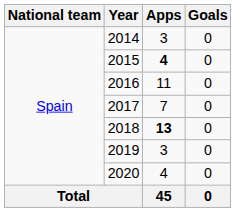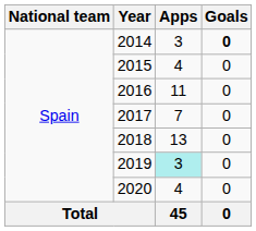 <table class="wikitable" style="text-align: center;">
 <tr>
 <th>National team</th>
 <th>Year</th>
 <th>Apps</th>
 <th>Goals</th>
 </tr>
 <tr>
 <td rowspan="7"><a href='#'>Spain</a></td>
 <td>2014</td>
 <td>3</td>
-<td>0</td>
+<td><strong>0</strong></td>
 </tr>
 <tr>
 <td>2015</td>
-<td><strong>4</strong></td>
+<td>4</td>
 <td>0</td>
 </tr>
 <tr>
 <td>2016</td>
 <td>11</td>
 <td>0</td>
 </tr>
 <tr>
 <td>2017</td>
 <td>7</td>
 <td>0</td>
 </tr>
 <tr>
 <td>2018</td>
-<td><strong>13</strong></td>
+<td>13</td>
 <td>0</td>
 </tr>
 <tr>
 <td>2019</td>
-<td>3</td>
+<td style="background: paleturquoise;">3</td>
 <td>0</td>
 </tr>
 <tr>
 <td>2020</td>
 <td>4</td>
 <td>0</td>
 </tr>
 <tr>
 <th colspan="2">Total</th>
 <th>45</th>
 <th>0</th>
 </tr>
 </table>
